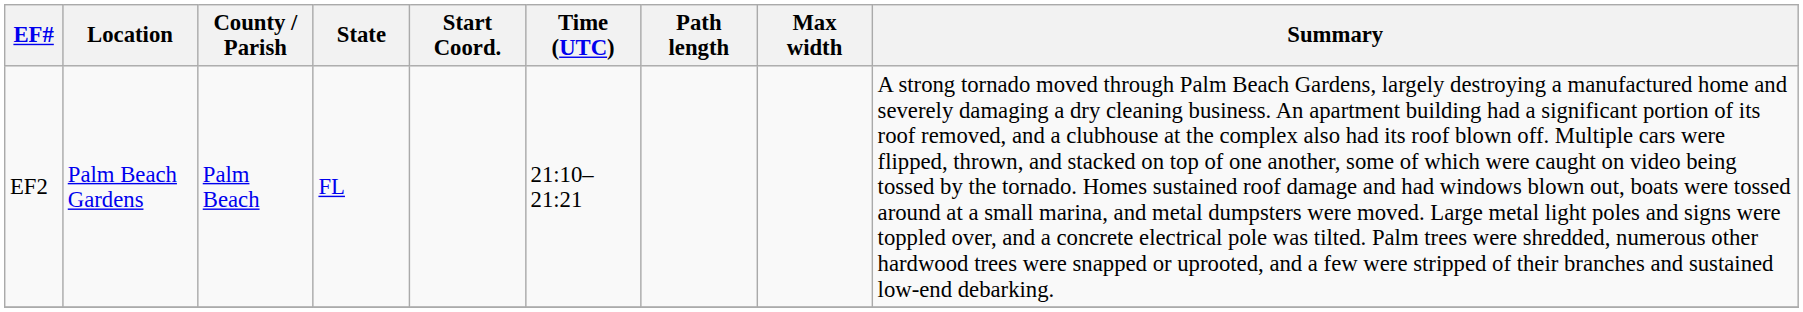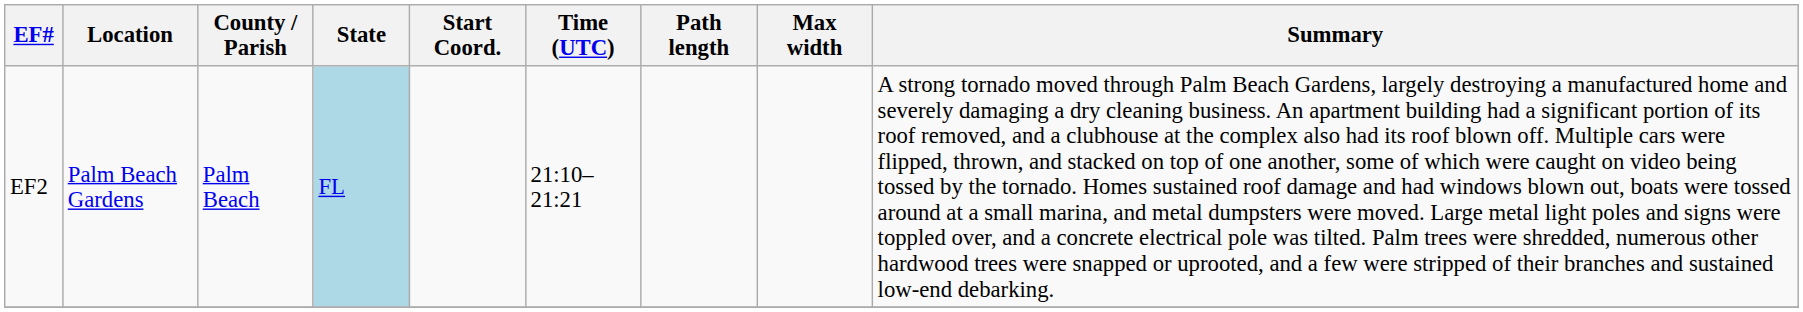 <table class="wikitable sortable" style="width:100%;">
 <tr>
 <th scope="col" style="width:3%; text-align:center;"><a href='#'>EF#</a></th>
 <th scope="col" style="width:7%; text-align:center;" class="unsortable">Location</th>
 <th scope="col" style="width:6%; text-align:center;" class="unsortable">County / Parish</th>
 <th scope="col" style="width:5%; text-align:center;">State</th>
 <th scope="col" style="width:6%; text-align:center;">Start Coord.</th>
 <th scope="col" style="width:6%; text-align:center;">Time (<a href='#'>UTC</a>)</th>
 <th scope="col" style="width:6%; text-align:center;">Path length</th>
 <th scope="col" style="width:6%; text-align:center;">Max width</th>
 <th scope="col" class="unsortable" style="width:48%; text-align:center;">Summary</th>
 </tr>
 <tr>
 <td>EF2</td>
 <td><a href='#'>Palm Beach Gardens</a></td>
 <td><a href='#'>Palm Beach</a></td>
-<td><a href='#'>FL</a></td>
+<td style="background: lightblue;"><a href='#'>FL</a></td>
 <td></td>
 <td>21:10–21:21</td>
 <td></td>
 <td></td>
 <td>A strong tornado moved through Palm Beach Gardens, largely destroying a manufactured home and severely damaging a dry cleaning business. An apartment building had a significant portion of its roof removed, and a clubhouse at the complex also had its roof blown off. Multiple cars were flipped, thrown, and stacked on top of one another, some of which were caught on video being tossed by the tornado. Homes sustained roof damage and had windows blown out, boats were tossed around at a small marina, and metal dumpsters were moved. Large metal light poles and signs were toppled over, and a concrete electrical pole was tilted. Palm trees were shredded, numerous other hardwood trees were snapped or uprooted, and a few were stripped of their branches and sustained low-end debarking.</td>
 </tr>
 <tr>
 </tr>
 </table>
